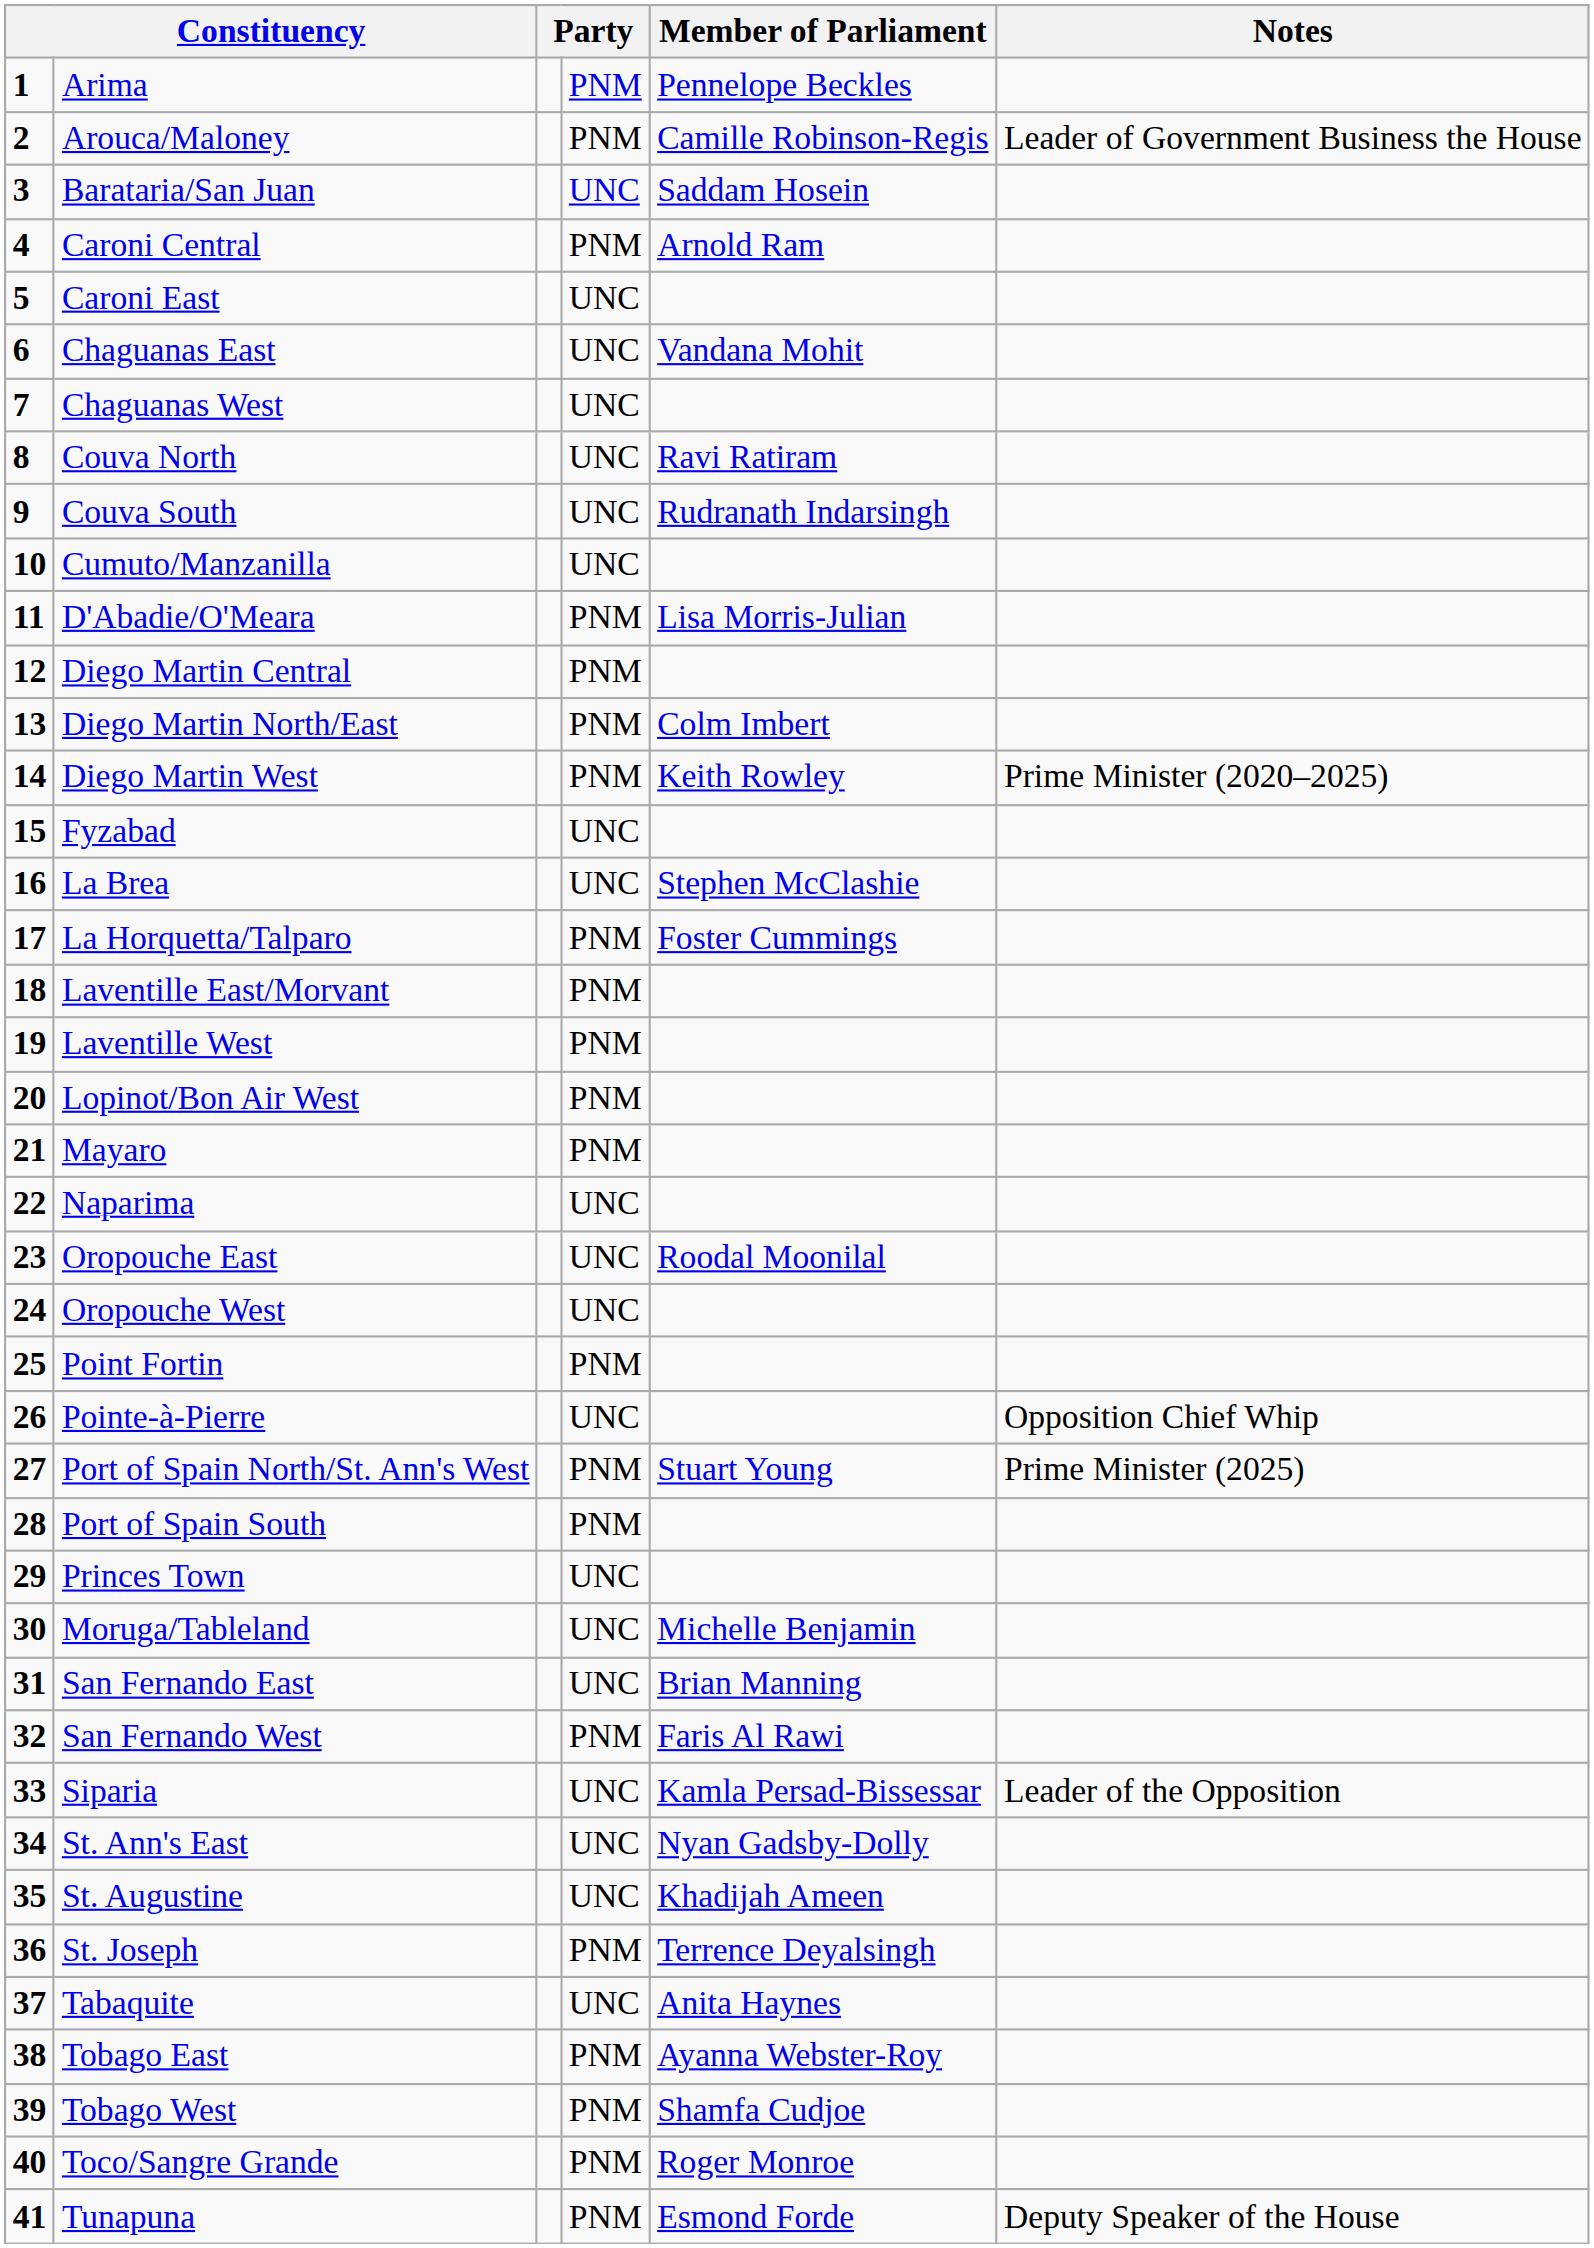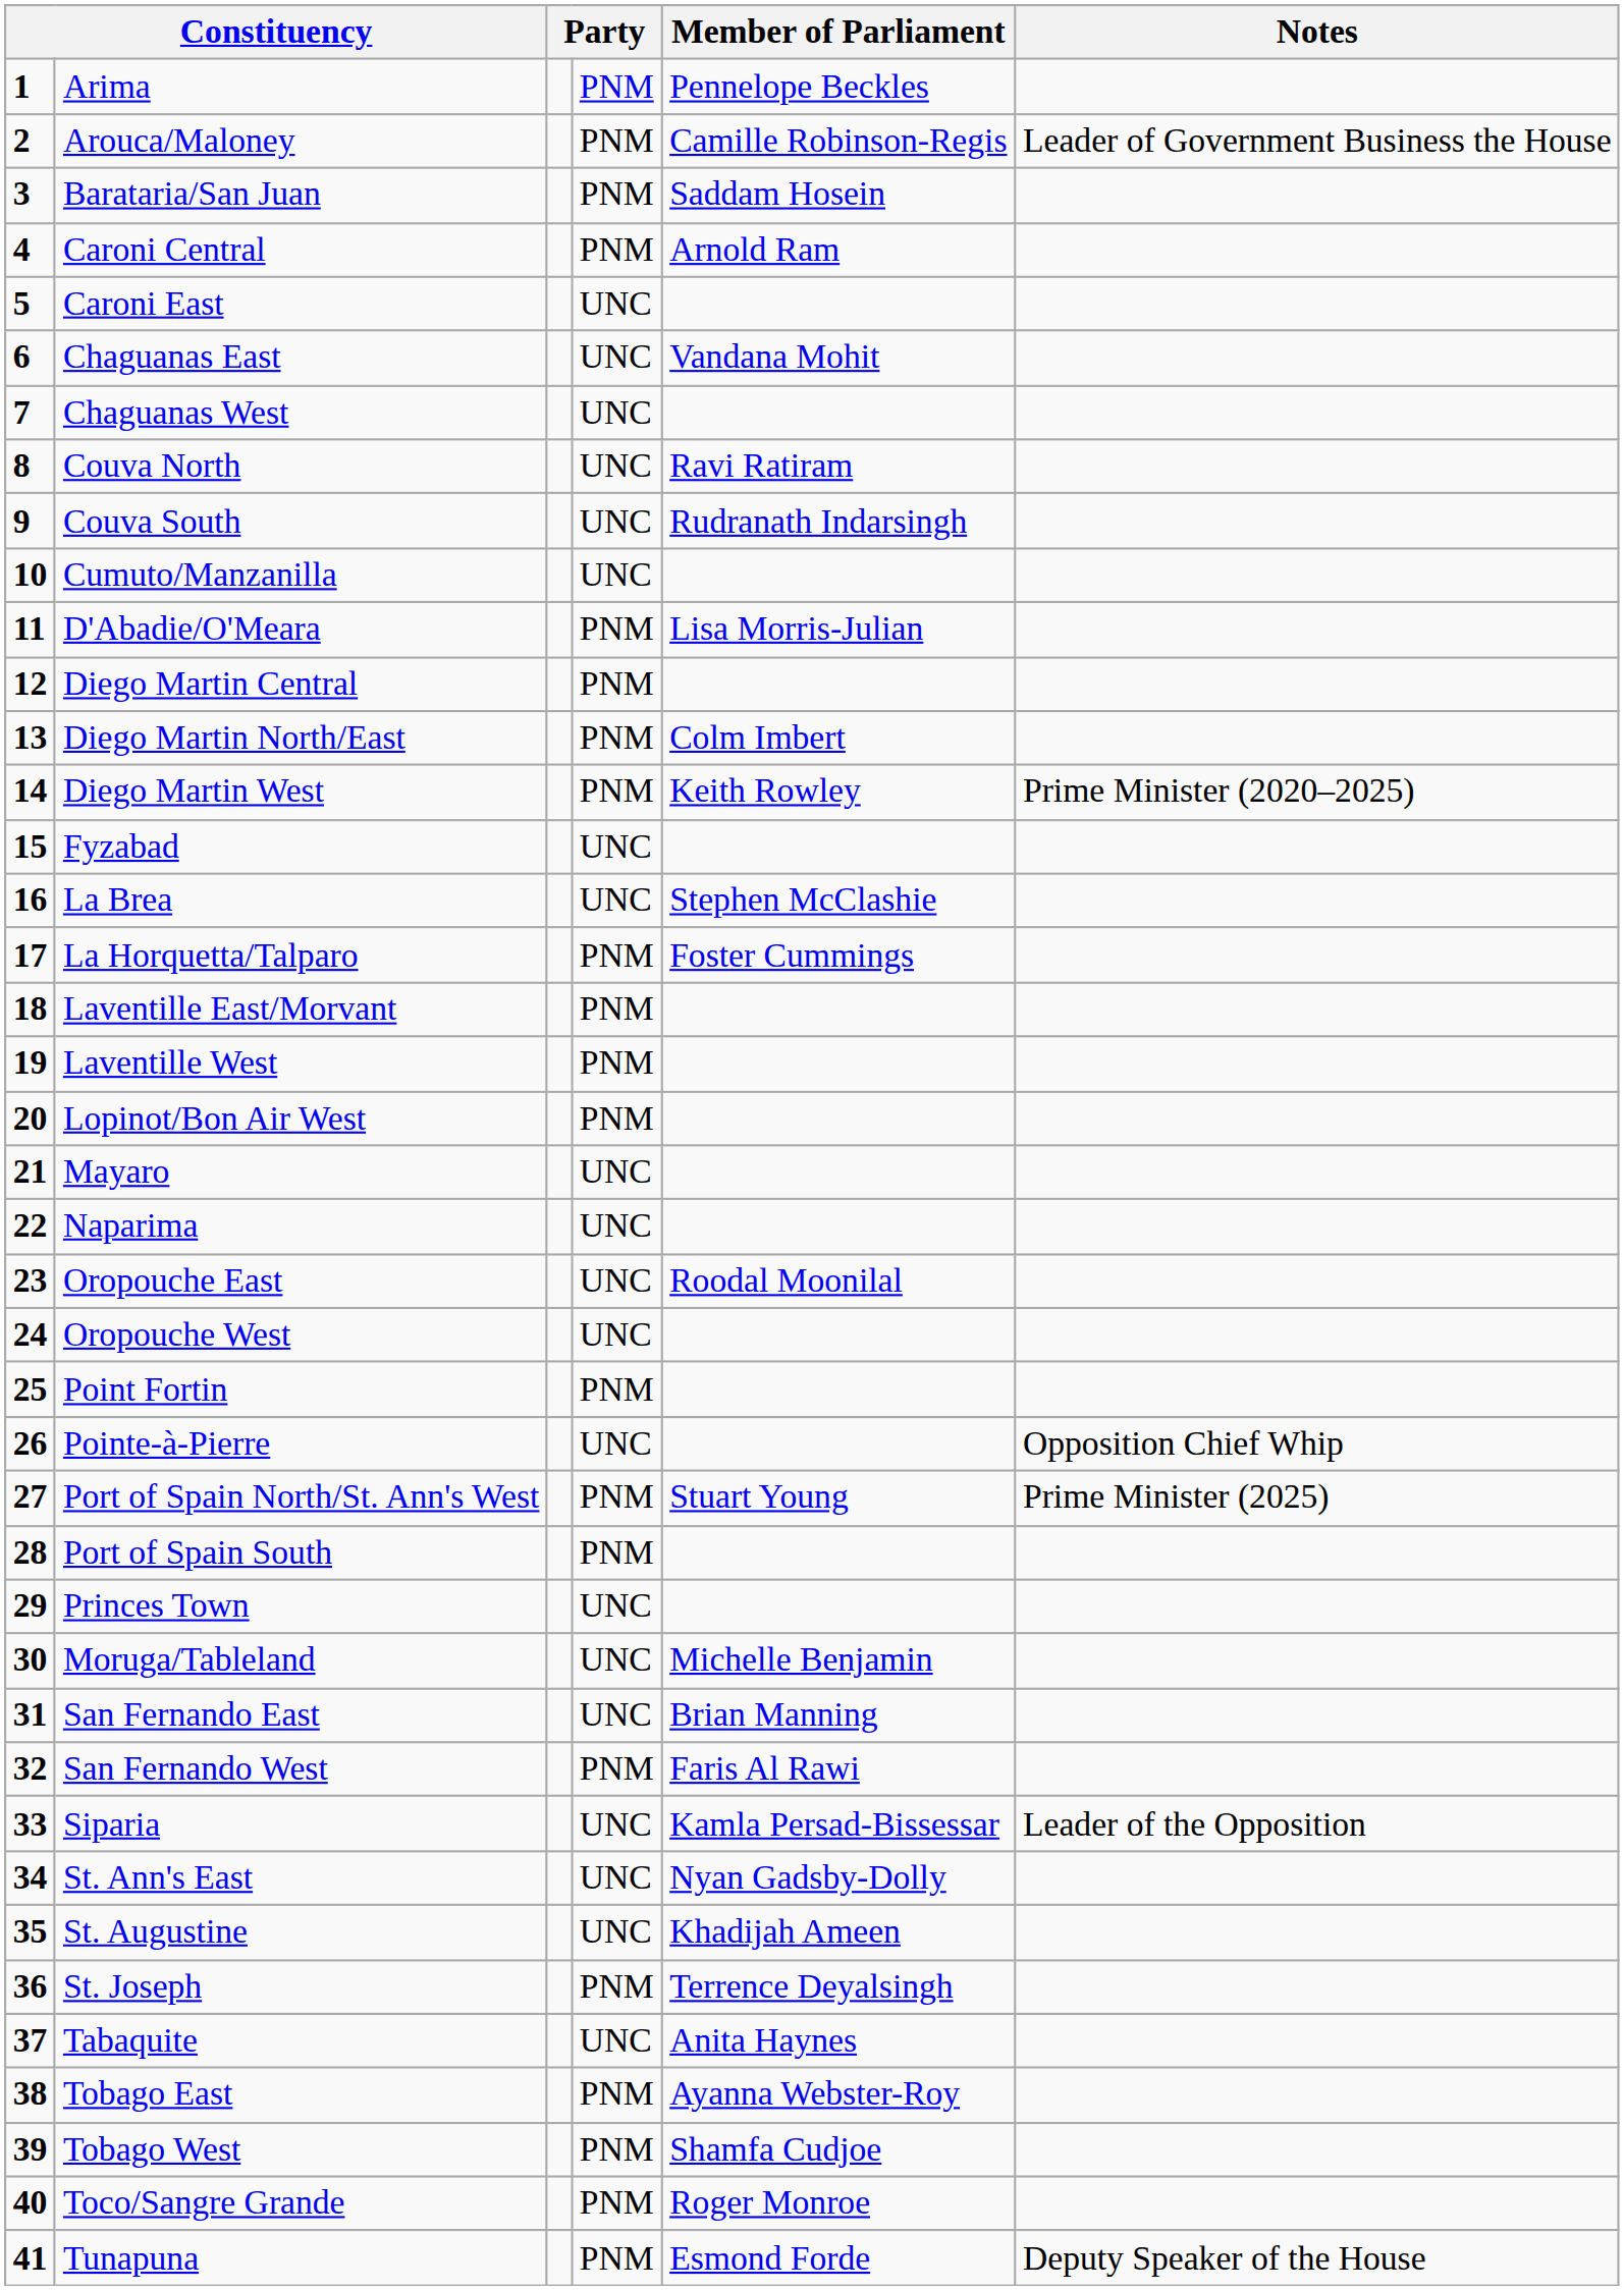 <table class="wikitable sortable">
 <tr>
 <th colspan="2"><a href='#'>Constituency</a></th>
 <th colspan="2">Party</th>
 <th>Member of Parliament</th>
 <th>Notes</th>
 </tr>
 <tr>
 <td><strong>1</strong></td>
 <td><a href='#'>Arima</a></td>
 <td style="background:"> </td>
 <td><a href='#'>PNM</a></td>
 <td><a href='#'>Pennelope Beckles</a></td>
 <td></td>
 </tr>
 <tr>
 <td><strong>2</strong></td>
 <td><a href='#'>Arouca/Maloney</a></td>
 <td style="background:"> </td>
 <td>PNM</td>
 <td><a href='#'>Camille Robinson-Regis</a></td>
 <td>Leader of Government Business the House</td>
 </tr>
 <tr>
 <td><strong>3</strong></td>
 <td><a href='#'>Barataria/San Juan</a></td>
 <td style="background:"> </td>
-<td><a href='#'>UNC</a></td>
+<td>PNM</td>
 <td><a href='#'>Saddam Hosein</a></td>
 <td></td>
 </tr>
 <tr>
 <td><strong>4</strong></td>
 <td><a href='#'>Caroni Central</a></td>
 <td style="background:"> </td>
 <td>PNM</td>
 <td><a href='#'>Arnold Ram</a></td>
 <td></td>
 </tr>
 <tr>
 <td><strong>5</strong></td>
 <td><a href='#'>Caroni East</a></td>
 <td style="background:"> </td>
 <td>UNC</td>
 <td></td>
 <td></td>
 </tr>
 <tr>
 <td><strong>6</strong></td>
 <td><a href='#'>Chaguanas East</a></td>
 <td style="background:"> </td>
 <td>UNC</td>
 <td><a href='#'>Vandana Mohit</a></td>
 <td></td>
 </tr>
 <tr>
 <td><strong>7</strong></td>
 <td><a href='#'>Chaguanas West</a></td>
 <td style="background:"> </td>
 <td>UNC</td>
 <td></td>
 <td></td>
 </tr>
 <tr>
 <td><strong>8</strong></td>
 <td><a href='#'>Couva North</a></td>
 <td style="background:"> </td>
 <td>UNC</td>
 <td><a href='#'>Ravi Ratiram</a></td>
 <td></td>
 </tr>
 <tr>
 <td><strong>9</strong></td>
 <td><a href='#'>Couva South</a></td>
 <td style="background:"> </td>
 <td>UNC</td>
 <td><a href='#'>Rudranath Indarsingh</a></td>
 <td></td>
 </tr>
 <tr>
 <td><strong>10</strong></td>
 <td><a href='#'>Cumuto/Manzanilla</a></td>
 <td style="background:"> </td>
 <td>UNC</td>
 <td></td>
 <td></td>
 </tr>
 <tr>
 <td><strong>11</strong></td>
 <td><a href='#'>D'Abadie/O'Meara</a></td>
 <td style="background:"> </td>
 <td>PNM</td>
 <td><a href='#'>Lisa Morris-Julian</a></td>
 <td></td>
 </tr>
 <tr>
 <td><strong>12</strong></td>
 <td><a href='#'>Diego Martin Central</a></td>
 <td style="background:"> </td>
 <td>PNM</td>
 <td></td>
 <td></td>
 </tr>
 <tr>
 <td><strong>13</strong></td>
 <td><a href='#'>Diego Martin North/East</a></td>
 <td style="background:"> </td>
 <td>PNM</td>
 <td><a href='#'>Colm Imbert</a></td>
 <td></td>
 </tr>
 <tr>
 <td><strong>14</strong></td>
 <td><a href='#'>Diego Martin West</a></td>
 <td style="background:"> </td>
 <td>PNM</td>
 <td><a href='#'>Keith Rowley</a></td>
 <td>Prime Minister (2020–2025)</td>
 </tr>
 <tr>
 <td><strong>15</strong></td>
 <td><a href='#'>Fyzabad</a></td>
 <td style="background:"> </td>
 <td>UNC</td>
 <td></td>
 <td></td>
 </tr>
 <tr>
 <td><strong>16</strong></td>
 <td><a href='#'>La Brea</a></td>
 <td style="background:"> </td>
 <td>UNC</td>
 <td><a href='#'>Stephen McClashie</a></td>
 <td></td>
 </tr>
 <tr>
 <td><strong>17</strong></td>
 <td><a href='#'>La Horquetta/Talparo</a></td>
 <td style="background:"> </td>
 <td>PNM</td>
 <td><a href='#'>Foster Cummings</a></td>
 <td></td>
 </tr>
 <tr>
 <td><strong>18</strong></td>
 <td><a href='#'>Laventille East/Morvant</a></td>
 <td style="background:"> </td>
 <td>PNM</td>
 <td></td>
 <td></td>
 </tr>
 <tr>
 <td><strong>19</strong></td>
 <td><a href='#'>Laventille West</a></td>
 <td style="background:"> </td>
 <td>PNM</td>
 <td></td>
 <td></td>
 </tr>
 <tr>
 <td><strong>20</strong></td>
 <td><a href='#'>Lopinot/Bon Air West</a></td>
 <td style="background:"> </td>
 <td>PNM</td>
 <td></td>
 <td></td>
 </tr>
 <tr>
 <td><strong>21</strong></td>
 <td><a href='#'>Mayaro</a></td>
 <td style="background:"> </td>
-<td>PNM</td>
+<td>UNC</td>
 <td></td>
 <td></td>
 </tr>
 <tr>
 <td><strong>22</strong></td>
 <td><a href='#'>Naparima</a></td>
 <td style="background:"> </td>
 <td>UNC</td>
 <td></td>
 <td></td>
 </tr>
 <tr>
 <td><strong>23</strong></td>
 <td><a href='#'>Oropouche East</a></td>
 <td style="background:"> </td>
 <td>UNC</td>
 <td><a href='#'>Roodal Moonilal</a></td>
 <td></td>
 </tr>
 <tr>
 <td><strong>24</strong></td>
 <td><a href='#'>Oropouche West</a></td>
 <td style="background:"> </td>
 <td>UNC</td>
 <td></td>
 <td></td>
 </tr>
 <tr>
 <td><strong>25</strong></td>
 <td><a href='#'>Point Fortin</a></td>
 <td style="background:"> </td>
 <td>PNM</td>
 <td></td>
 <td></td>
 </tr>
 <tr>
 <td><strong>26</strong></td>
 <td><a href='#'>Pointe-à-Pierre</a></td>
 <td style="background:"> </td>
 <td>UNC</td>
 <td></td>
 <td>Opposition Chief Whip</td>
 </tr>
 <tr>
 <td><strong>27</strong></td>
 <td><a href='#'>Port of Spain North/St. Ann's West</a></td>
 <td style="background:"> </td>
 <td>PNM</td>
 <td><a href='#'>Stuart Young</a></td>
 <td>Prime Minister (2025)</td>
 </tr>
 <tr>
 <td><strong>28</strong></td>
 <td><a href='#'>Port of Spain South</a></td>
 <td style="background:"> </td>
 <td>PNM</td>
 <td></td>
 <td></td>
 </tr>
 <tr>
 <td><strong>29</strong></td>
 <td><a href='#'>Princes Town</a></td>
 <td style="background:"> </td>
 <td>UNC</td>
 <td></td>
 <td></td>
 </tr>
 <tr>
 <td><strong>30</strong></td>
 <td><a href='#'>Moruga/Tableland</a></td>
 <td style="background:"> </td>
 <td>UNC</td>
 <td><a href='#'>Michelle Benjamin</a></td>
 <td></td>
 </tr>
 <tr>
 <td><strong>31</strong></td>
 <td><a href='#'>San Fernando East</a></td>
 <td style="background:"> </td>
 <td>UNC</td>
 <td><a href='#'>Brian Manning</a></td>
 <td></td>
 </tr>
 <tr>
 <td><strong>32</strong></td>
 <td><a href='#'>San Fernando West</a></td>
 <td style="background:"> </td>
 <td>PNM</td>
 <td><a href='#'>Faris Al Rawi</a></td>
 <td></td>
 </tr>
 <tr>
 <td><strong>33</strong></td>
 <td><a href='#'>Siparia</a></td>
 <td style="background:"> </td>
 <td>UNC</td>
 <td><a href='#'>Kamla Persad-Bissessar</a></td>
 <td>Leader of the Opposition</td>
 </tr>
 <tr>
 <td><strong>34</strong></td>
 <td><a href='#'>St. Ann's East</a></td>
 <td style="background:"> </td>
 <td>UNC</td>
 <td><a href='#'>Nyan Gadsby-Dolly</a></td>
 <td></td>
 </tr>
 <tr>
 <td><strong>35</strong></td>
 <td><a href='#'>St. Augustine</a></td>
 <td style="background:"> </td>
 <td>UNC</td>
 <td><a href='#'>Khadijah Ameen</a></td>
 <td></td>
 </tr>
 <tr>
 <td><strong>36</strong></td>
 <td><a href='#'>St. Joseph</a></td>
 <td style="background:"> </td>
 <td>PNM</td>
 <td><a href='#'>Terrence Deyalsingh</a></td>
 <td></td>
 </tr>
 <tr>
 <td><strong>37</strong></td>
 <td><a href='#'>Tabaquite</a></td>
 <td style="background:"> </td>
 <td>UNC</td>
 <td><a href='#'>Anita Haynes</a></td>
 <td></td>
 </tr>
 <tr>
 <td><strong>38</strong></td>
 <td><a href='#'>Tobago East</a></td>
 <td style="background:"> </td>
 <td>PNM</td>
 <td><a href='#'>Ayanna Webster-Roy</a></td>
 <td></td>
 </tr>
 <tr>
 <td><strong>39</strong></td>
 <td><a href='#'>Tobago West</a></td>
 <td style="background:"> </td>
 <td>PNM</td>
 <td><a href='#'>Shamfa Cudjoe</a></td>
 <td></td>
 </tr>
 <tr>
 <td><strong>40</strong></td>
 <td><a href='#'>Toco/Sangre Grande</a></td>
 <td style="background:"> </td>
 <td>PNM</td>
 <td><a href='#'>Roger Monroe</a></td>
 <td></td>
 </tr>
 <tr>
 <td><strong>41</strong></td>
 <td><a href='#'>Tunapuna</a></td>
 <td style="background:"> </td>
 <td>PNM</td>
 <td><a href='#'>Esmond Forde</a></td>
 <td>Deputy Speaker of the House</td>
 </tr>
 </table>
